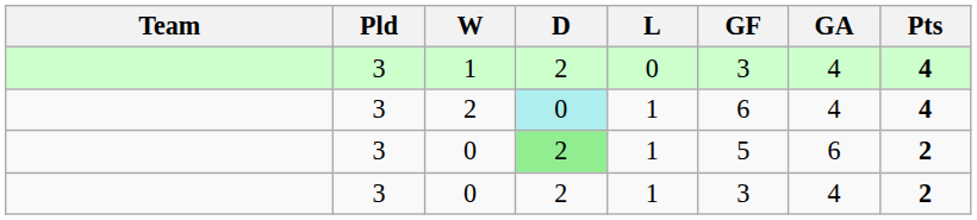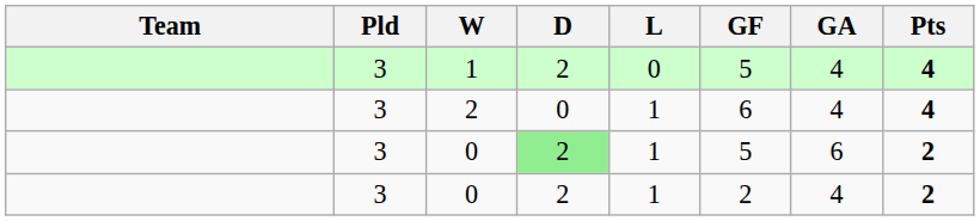 <table class="wikitable" style="text-align:center">
 <tr>
 <th style="width:12em">Team</th>
 <th style="width:3em">Pld</th>
 <th style="width:3em">W</th>
 <th style="width:3em">D</th>
 <th style="width:3em">L</th>
 <th style="width:3em">GF</th>
 <th style="width:3em">GA</th>
 <th style="width:3em">Pts</th>
 </tr>
 <tr style="background:#ccffcc;">
 <td align=left></td>
 <td>3</td>
 <td>1</td>
 <td>2</td>
 <td>0</td>
-<td>3</td>
+<td>5</td>
 <td>4</td>
 <td><strong>4</strong></td>
 </tr>
 <tr>
 <td align=left></td>
 <td>3</td>
 <td>2</td>
-<td style="background: paleturquoise;">0</td>
+<td>0</td>
 <td>1</td>
 <td>6</td>
 <td>4</td>
 <td><strong>4</strong></td>
 </tr>
 <tr>
 <td align=left></td>
 <td>3</td>
 <td>0</td>
 <td style="background: lightgreen;">2</td>
 <td>1</td>
 <td>5</td>
 <td>6</td>
 <td><strong>2</strong></td>
 </tr>
 <tr>
 <td align=left></td>
 <td>3</td>
 <td>0</td>
 <td>2</td>
 <td>1</td>
-<td>3</td>
+<td>2</td>
 <td>4</td>
 <td><strong>2</strong></td>
 </tr>
 </table>
